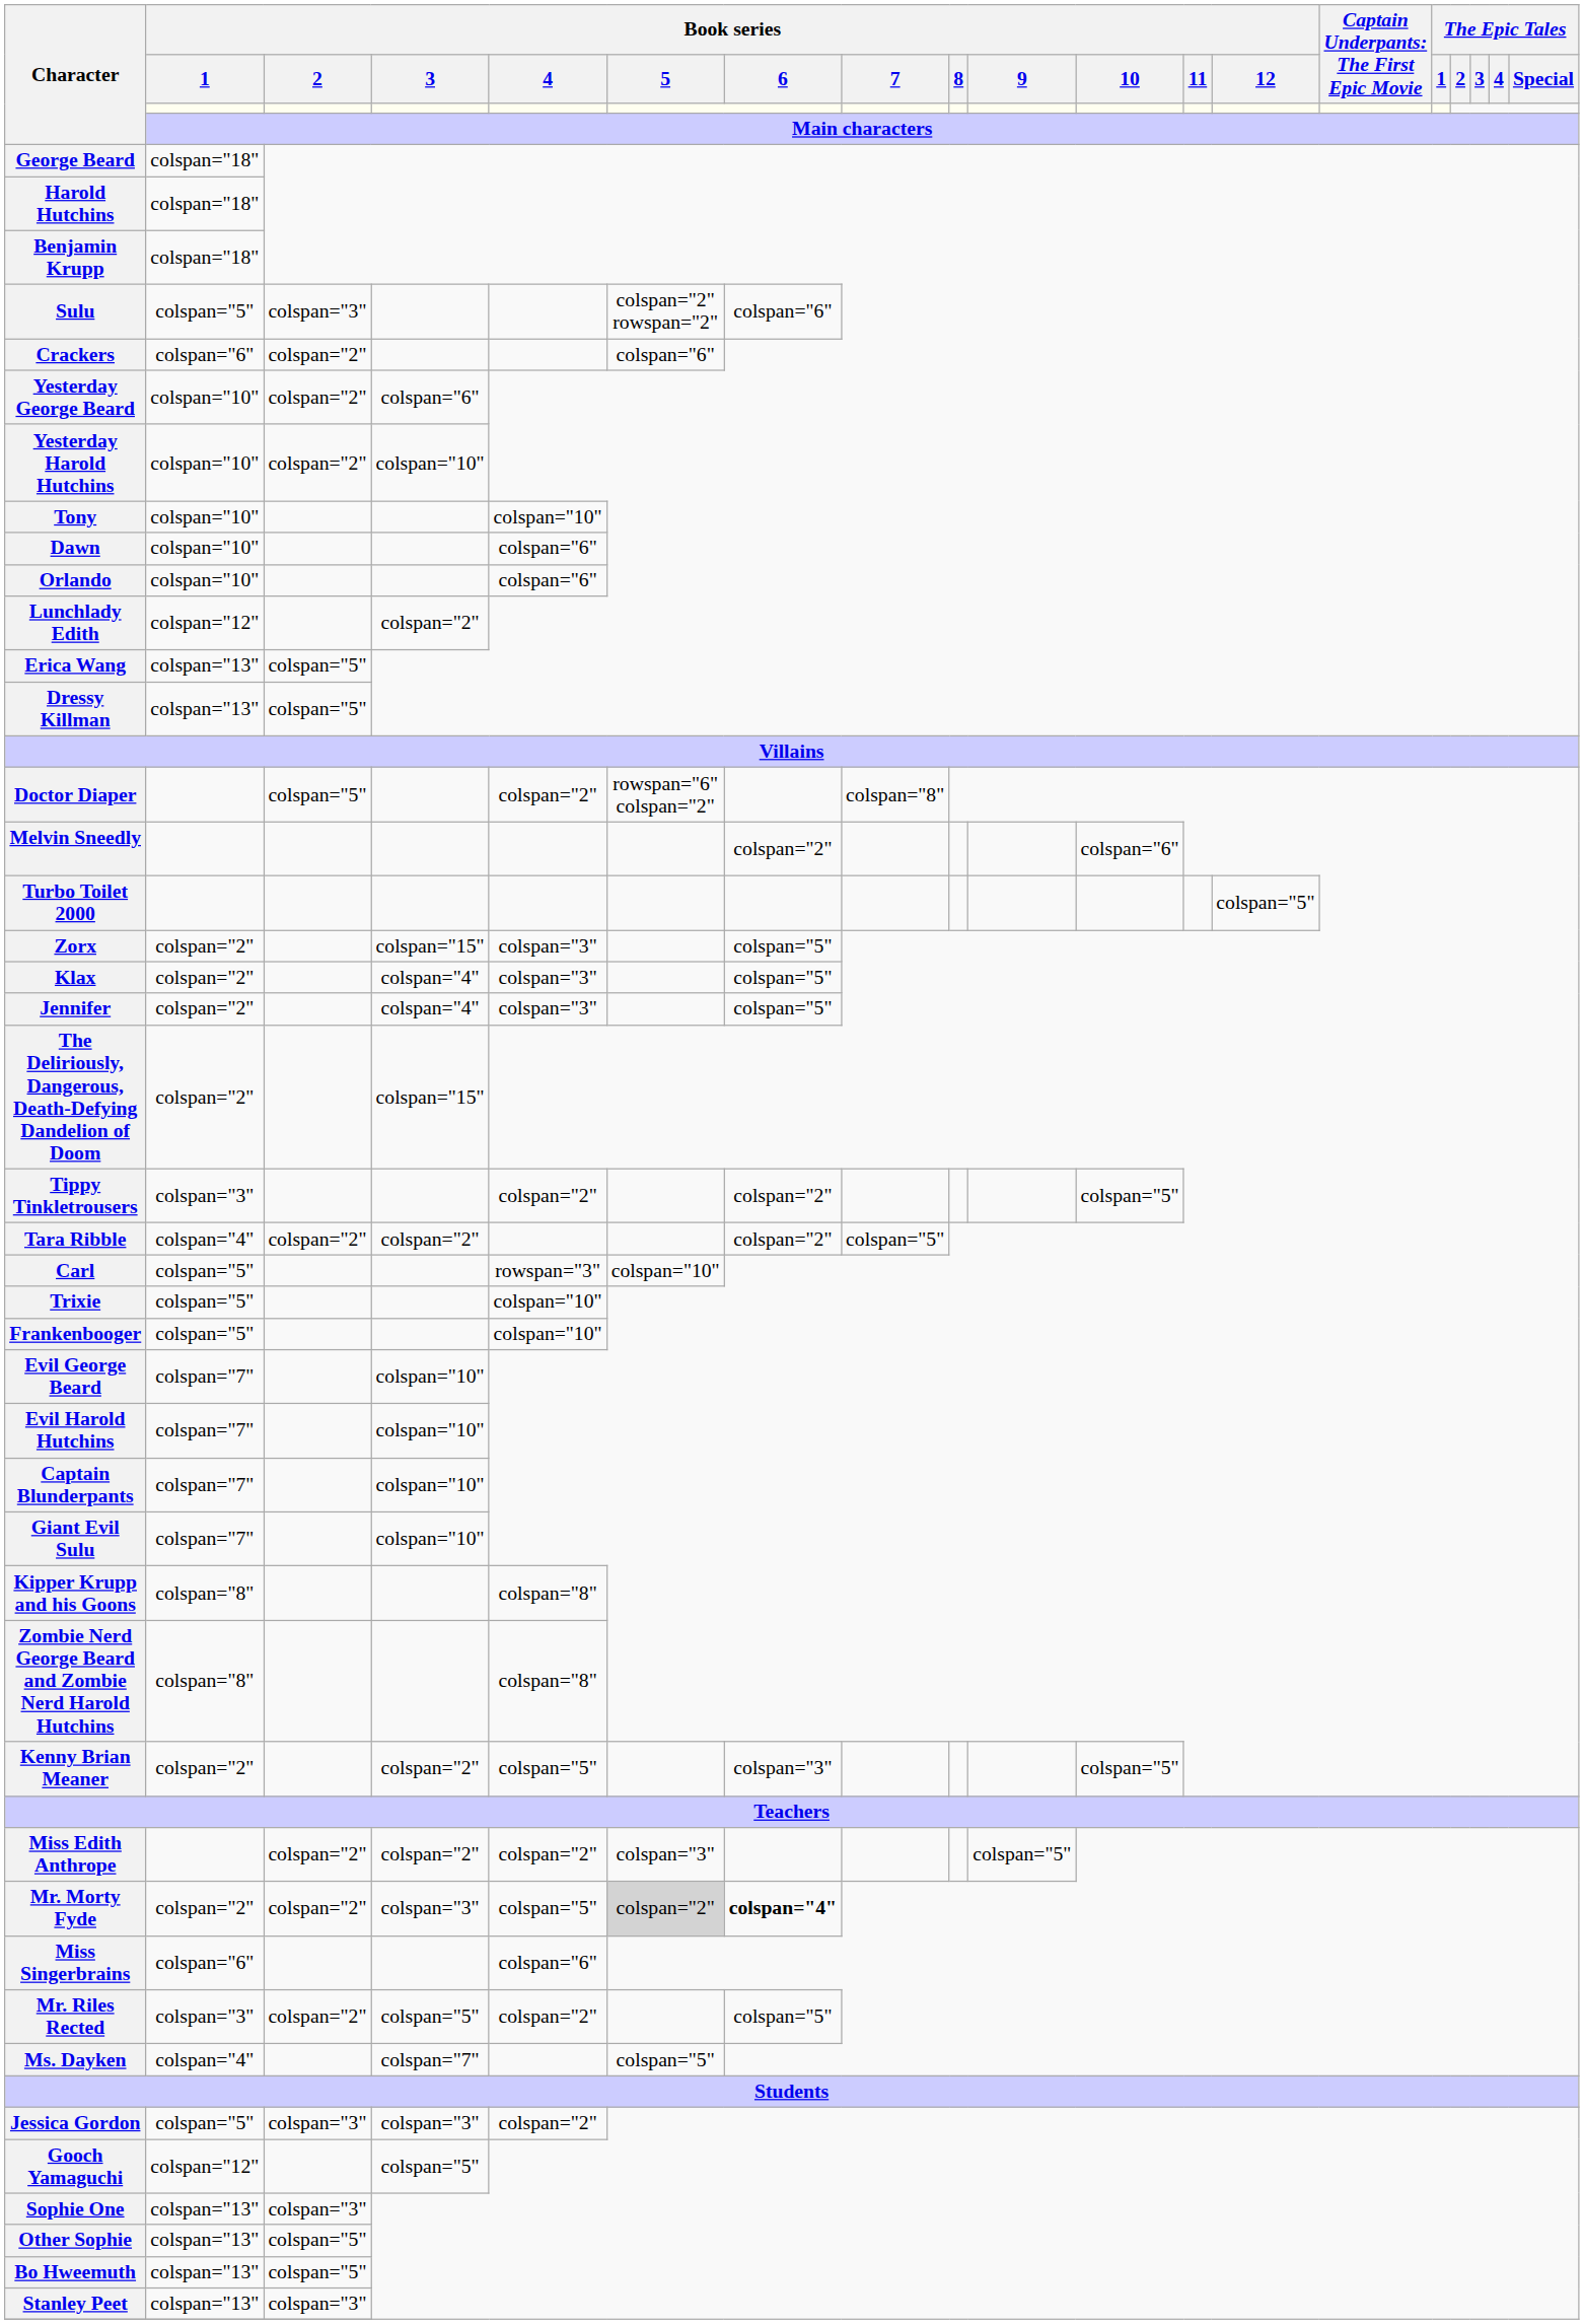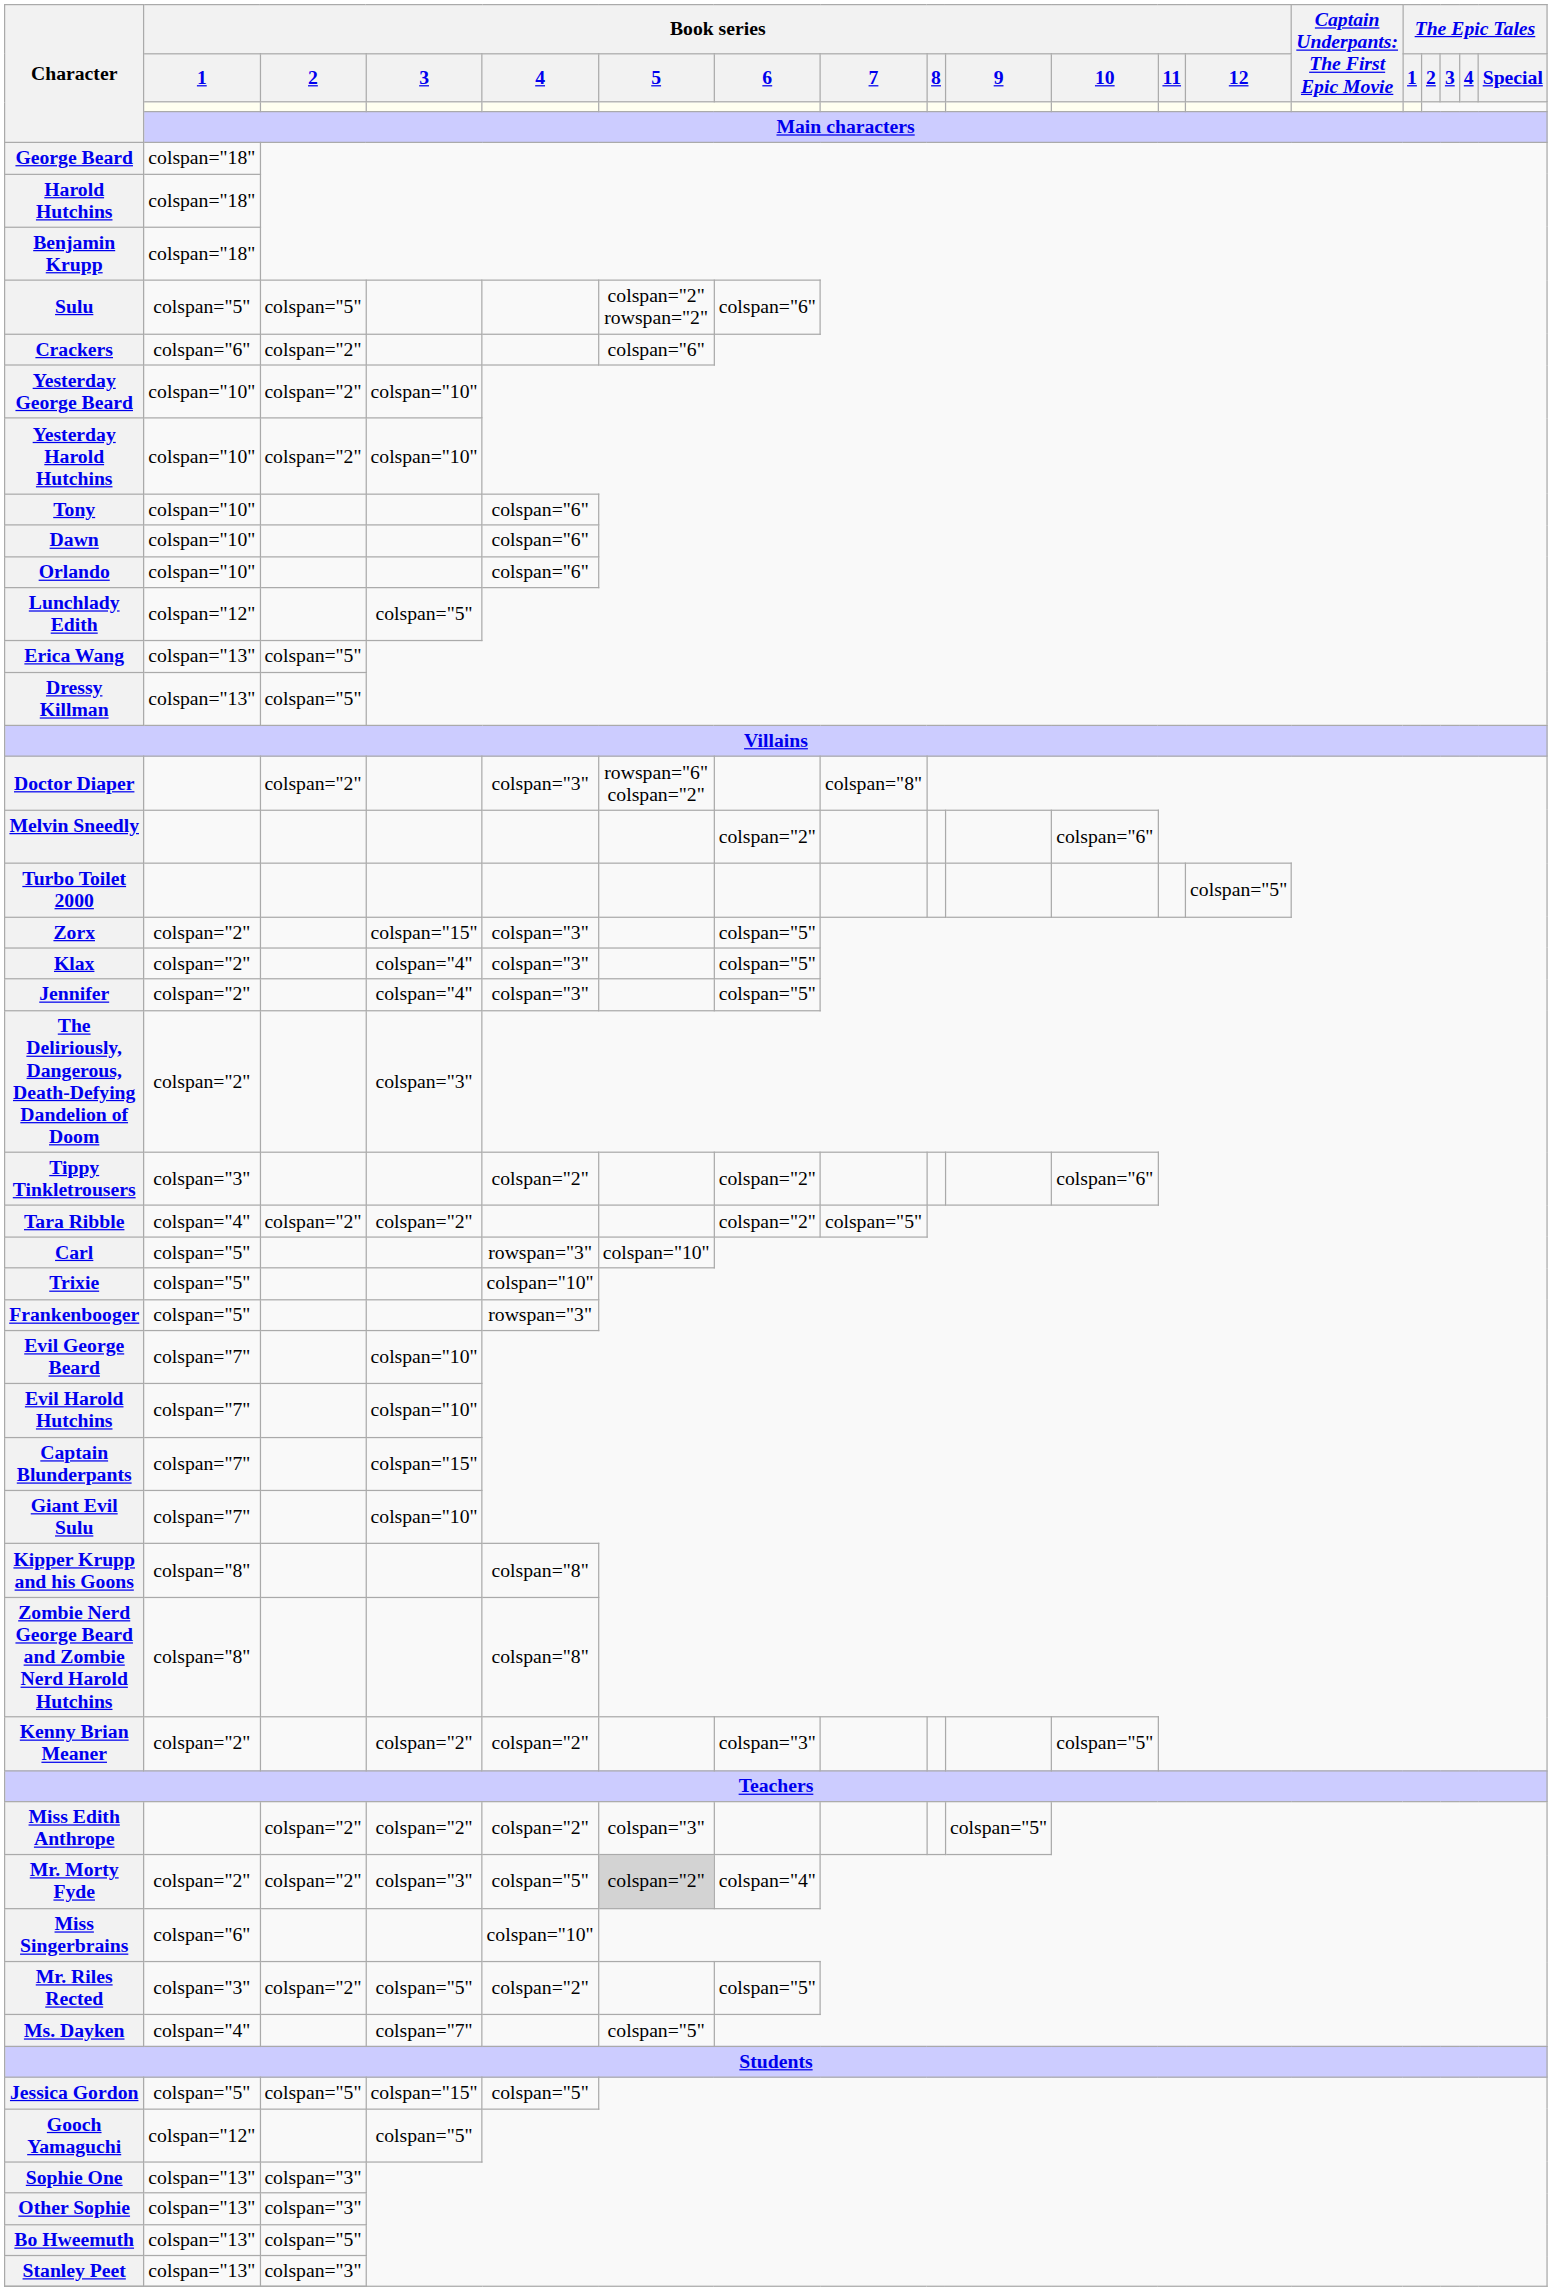 <table class="wikitable sortable" style="width:99%; text-align:center;">
 <tr>
 <th rowspan="4" style="width:23%;">Character</th>
 <th colspan="12">Book series</th>
 <th rowspan="2" style="width:23%;"><em><a href='#'>Captain Underpants: The First Epic Movie</a></em></th>
 <th colspan="5" style="width:23%;"><em><a href='#'>The Epic Tales</a></em></th>
 </tr>
 <tr>
 <th><a href='#'>1</a></th>
 <th><a href='#'>2</a></th>
 <th><a href='#'>3</a></th>
 <th><a href='#'>4</a></th>
 <th><a href='#'>5</a></th>
 <th><a href='#'>6</a></th>
 <th><a href='#'>7</a></th>
 <th><a href='#'>8</a></th>
 <th><a href='#'>9</a></th>
 <th><a href='#'>10</a></th>
 <th><a href='#'>11</a></th>
 <th><a href='#'>12</a></th>
 <th><a href='#'>1</a></th>
 <th><a href='#'>2</a></th>
 <th><a href='#'>3</a></th>
 <th><a href='#'>4</a></th>
 <th><a href='#'>Special</a></th>
 </tr>
 <tr>
 <td Colspan = “2” style="background:ivory; text-align:center;"></td>
 <td style="background:ivory; text-align:center;"></td>
 <td style="background:ivory; text-align:center;"></td>
 <td style="background:ivory; text-align:center;"></td>
 <td Colspan = "2" style="background:ivory; text-align:center;"></td>
 <td style="background:ivory; text-align:center;"></td>
 <td style="background:ivory; text-align:center;"></td>
 <td style="background:ivory; text-align:center;"></td>
 <td style="background:ivory; text-align:center;"></td>
 <td style="background:ivory; text-align:center;"></td>
 <td style="background:ivory; text-align:center;"></td>
 <td style="background:ivory; text-align:center;"></td>
 <td style="background:ivory; text-align:center;"></td>
 </tr>
 <tr>
 <th colspan="19" style="background-color:#ccccff;"><a href='#'>Main characters</a></th>
 </tr>
 <tr>
 <th style="text-align:center;"><a href='#'>George Beard</a></th>
 <td>colspan="18" </td>
 </tr>
 <tr>
 <th style="text-align:center;"><a href='#'>Harold Hutchins</a></th>
 <td>colspan="18" </td>
 </tr>
 <tr>
 <th style="text-align:center;"><a href='#'>Benjamin Krupp<br></a></th>
 <td>colspan="18" </td>
 </tr>
 <tr>
 <th style="text-align:center;"><a href='#'>Sulu</a></th>
 <td>colspan="5" </td>
-<td>colspan="3" </td>
+<td>colspan="5" </td>
 <td></td>
 <td></td>
 <td>colspan="2" rowspan="2" </td>
 <td>colspan="6" </td>
 </tr>
 <tr>
 <th style="text-align:center;"><a href='#'>Crackers</a></th>
 <td>colspan="6" </td>
 <td>colspan="2" </td>
 <td></td>
 <td></td>
 <td>colspan="6" </td>
 </tr>
 <tr>
 <th style="text-align:center;"><a href='#'>Yesterday George Beard</a></th>
 <td>colspan="10" </td>
 <td>colspan="2" </td>
-<td>colspan="6" </td>
+<td>colspan="10" </td>
 </tr>
 <tr>
 <th style="text-align:center;"><a href='#'>Yesterday Harold Hutchins</a></th>
 <td>colspan="10" </td>
 <td>colspan="2" </td>
 <td>colspan="10" </td>
 </tr>
 <tr>
 <th style="text-align:center;"><a href='#'>Tony</a></th>
 <td>colspan="10" </td>
 <td></td>
 <td></td>
-<td>colspan="10" </td>
+<td>colspan="6" </td>
 </tr>
 <tr>
 <th style="text-align:center;"><a href='#'>Dawn</a></th>
 <td>colspan="10" </td>
 <td></td>
 <td></td>
 <td>colspan="6" </td>
 </tr>
 <tr>
 <th style="text-align:center;"><a href='#'>Orlando</a></th>
 <td>colspan="10" </td>
 <td></td>
 <td></td>
 <td>colspan="6" </td>
 </tr>
 <tr>
 <th style="text-align:center;"><a href='#'>Lunchlady Edith</a></th>
 <td>colspan="12" </td>
 <td></td>
-<td>colspan="2" </td>
+<td>colspan="5" </td>
 </tr>
 <tr>
 <th style="text-align:center;"><a href='#'>Erica Wang</a></th>
 <td>colspan="13" </td>
 <td>colspan="5" </td>
 </tr>
 <tr>
 <th style="text-align:center;"><a href='#'>Dressy Killman</a></th>
 <td>colspan="13" </td>
 <td>colspan="5" </td>
 </tr>
 <tr>
 <th colspan="19" style="background-color:#ccccff;"><a href='#'>Villains</a></th>
 </tr>
 <tr>
 <th style="text-align:center;"><a href='#'>Doctor Diaper</a></th>
 <td></td>
-<td>colspan="5" </td>
+<td>colspan="2" </td>
 <td></td>
-<td>colspan="2" </td>
+<td>colspan="3" </td>
 <td>rowspan="6" colspan="2" </td>
 <td></td>
 <td>colspan="8" </td>
 </tr>
 <tr>
 <th style="text-align:center;"><a href='#'>Melvin Sneedly<br><br></a></th>
 <td></td>
 <td></td>
 <td></td>
 <td></td>
 <td></td>
 <td>colspan="2" </td>
 <td></td>
 <td></td>
 <td></td>
 <td>colspan="6" </td>
 </tr>
 <tr>
 <th style="text-align:center;"><a href='#'>Turbo Toilet 2000</a></th>
 <td></td>
 <td></td>
 <td></td>
 <td></td>
 <td></td>
 <td></td>
 <td></td>
 <td></td>
 <td></td>
 <td></td>
 <td></td>
 <td>colspan="5" </td>
 </tr>
 <tr>
 <th style="text-align:center;"><a href='#'>Zorx</a></th>
 <td>colspan="2" </td>
 <td></td>
 <td>colspan="15" </td>
 <td>colspan="3" </td>
 <td></td>
 <td>colspan="5" </td>
 </tr>
 <tr>
 <th style="text-align:center;"><a href='#'>Klax</a></th>
 <td>colspan="2" </td>
 <td></td>
 <td>colspan="4" </td>
 <td>colspan="3" </td>
 <td></td>
 <td>colspan="5" </td>
 </tr>
 <tr>
 <th style="text-align:center;"><a href='#'>Jennifer</a></th>
 <td>colspan="2" </td>
 <td></td>
 <td>colspan="4" </td>
 <td>colspan="3" </td>
 <td></td>
 <td>colspan="5" </td>
 </tr>
 <tr>
 <th style="text-align:center;"><a href='#'>The Deliriously, Dangerous, Death-Defying Dandelion of Doom</a></th>
 <td>colspan="2" </td>
 <td></td>
-<td>colspan="15" </td>
+<td>colspan="3" </td>
 </tr>
 <tr>
 <th style="text-align:center;"><a href='#'>Tippy Tinkletrousers<br></a></th>
 <td>colspan="3" </td>
 <td></td>
 <td></td>
 <td>colspan="2" </td>
 <td></td>
 <td>colspan="2" </td>
 <td></td>
 <td></td>
 <td></td>
-<td>colspan="5" </td>
+<td>colspan="6" </td>
 </tr>
 <tr>
 <th style="text-align:center;"><a href='#'>Tara Ribble</a><br><a href='#'></a></th>
 <td>colspan="4" </td>
 <td>colspan="2" </td>
 <td>colspan="2" </td>
 <td></td>
 <td></td>
 <td>colspan="2" </td>
 <td>colspan="5" </td>
 </tr>
 <tr>
 <th style="text-align:center;"><a href='#'>Carl</a></th>
 <td>colspan="5" </td>
 <td></td>
 <td></td>
 <td>rowspan="3" </td>
 <td>colspan="10" </td>
 </tr>
 <tr>
 <th style="text-align:center;"><a href='#'>Trixie</a></th>
 <td>colspan="5" </td>
 <td></td>
 <td></td>
 <td>colspan="10" </td>
 </tr>
 <tr>
 <th style="text-align:center;"><a href='#'>Frankenbooger</a></th>
 <td>colspan="5" </td>
 <td></td>
 <td></td>
-<td>colspan="10" </td>
+<td>rowspan="3" </td>
 </tr>
 <tr>
 <th style="text-align:center;"><a href='#'>Evil George Beard</a></th>
 <td>colspan="7" </td>
 <td></td>
 <td>colspan="10" </td>
 </tr>
 <tr>
 <th style="text-align:center;"><a href='#'>Evil Harold Hutchins</a></th>
 <td>colspan="7" </td>
 <td></td>
 <td>colspan="10" </td>
 </tr>
 <tr>
 <th style="text-align:center;"><a href='#'>Captain Blunderpants</a></th>
 <td>colspan="7" </td>
 <td></td>
-<td>colspan="10" </td>
+<td>colspan="15" </td>
 </tr>
 <tr>
 <th style="text-align:center;"><a href='#'>Giant Evil Sulu</a></th>
 <td>colspan="7" </td>
 <td></td>
 <td>colspan="10" </td>
 </tr>
 <tr>
 <th style="text-align:center;"><a href='#'>Kipper Krupp and his Goons</a></th>
 <td>colspan="8" </td>
 <td></td>
 <td></td>
 <td>colspan="8" </td>
 </tr>
 <tr>
 <th style="text-align:center;"><a href='#'>Zombie Nerd George Beard and Zombie Nerd Harold Hutchins</a></th>
 <td>colspan="8" </td>
 <td></td>
 <td></td>
 <td>colspan="8" </td>
 </tr>
 <tr>
 <th style="text-align:center;"><a href='#'>Kenny Brian Meaner</a><br><a href='#'></a></th>
 <td>colspan="2" </td>
 <td></td>
 <td>colspan="2" </td>
-<td>colspan="5" </td>
+<td>colspan="2" </td>
 <td></td>
 <td>colspan="3" </td>
 <td></td>
 <td></td>
 <td></td>
 <td>colspan="5" </td>
 </tr>
 <tr>
 <th colspan="19" style="background-color:#ccccff;"><a href='#'>Teachers</a></th>
 </tr>
 <tr>
 <th style="text-align:center;"><a href='#'>Miss Edith Anthrope</a></th>
 <td></td>
 <td>colspan="2" </td>
 <td>colspan="2" </td>
 <td>colspan="2" </td>
 <td>colspan="3" </td>
 <td></td>
 <td></td>
 <td></td>
 <td>colspan="5" </td>
 </tr>
 <tr>
 <th style="text-align:center;"><a href='#'>Mr. Morty Fyde</a></th>
 <td>colspan="2" </td>
 <td>colspan="2" </td>
 <td>colspan="3" </td>
 <td>colspan="5" </td>
 <td style="background: lightgrey;">colspan="2" </td>
-<td><strong>colspan="4" </strong></td>
+<td>colspan="4" </td>
 </tr>
 <tr>
 <th style="text-align:center;"><a href='#'>Miss Singerbrains</a></th>
 <td>colspan="6" </td>
 <td></td>
 <td></td>
-<td>colspan="6" </td>
+<td>colspan="10" </td>
 </tr>
 <tr>
 <th style="text-align:center;"><a href='#'>Mr. Riles Rected</a></th>
 <td>colspan="3" </td>
 <td>colspan="2" </td>
 <td>colspan="5" </td>
 <td>colspan="2" </td>
 <td></td>
 <td>colspan="5" </td>
 </tr>
 <tr>
 <th style="text-align:center;"><a href='#'>Ms. Dayken</a></th>
 <td>colspan="4" </td>
 <td></td>
 <td>colspan="7" </td>
 <td></td>
 <td>colspan="5" </td>
 </tr>
 <tr>
 <th colspan="19" style="background-color:#ccccff;"><a href='#'>Students</a></th>
 </tr>
 <tr>
 <th style="text-align:center;"><a href='#'>Jessica Gordon</a></th>
 <td>colspan="5" </td>
-<td>colspan="3" </td>
-<td>colspan="3" </td>
-<td>colspan="2" </td>
+<td>colspan="5" </td>
+<td>colspan="15" </td>
+<td>colspan="5" </td>
 </tr>
 <tr>
 <th style="text-align:center;"><a href='#'>Gooch Yamaguchi</a></th>
 <td>colspan="12" </td>
 <td></td>
 <td>colspan="5" </td>
 </tr>
 <tr>
 <th style="text-align:center;"><a href='#'>Sophie One</a></th>
 <td>colspan="13" </td>
 <td>colspan="3" </td>
 </tr>
 <tr>
 <th style="text-align:center;"><a href='#'>Other Sophie</a></th>
 <td>colspan="13" </td>
-<td>colspan="5" </td>
+<td>colspan="3" </td>
 </tr>
 <tr>
 <th style="text-align:center;"><a href='#'>Bo Hweemuth</a></th>
 <td>colspan="13" </td>
 <td>colspan="5" </td>
 </tr>
 <tr>
 <th style="text-align:center;"><a href='#'>Stanley Peet</a></th>
 <td>colspan="13" </td>
 <td>colspan="3" </td>
 </tr>
 <tr>
 </tr>
 </table>
